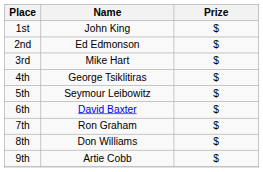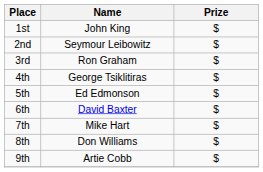 <table class="wikitable">
 <tr>
 <th width="50">Place</th>
 <th width="200">Name</th>
 <th width="125">Prize</th>
 </tr>
 <tr>
 <td align = "center">1st</td>
 <td align = "center">John King</td>
 <td align = "center">$</td>
 </tr>
 <tr>
 <td align = "center">2nd</td>
-<td align = "center">Ed Edmonson</td>
+<td align = "center">Seymour Leibowitz</td>
 <td align = "center">$</td>
 </tr>
 <tr>
 <td align = "center">3rd</td>
-<td align = "center">Mike Hart</td>
+<td align = "center">Ron Graham</td>
 <td align = "center">$</td>
 </tr>
 <tr>
 <td align = "center">4th</td>
 <td align = "center">George Tsiklitiras</td>
 <td align = "center">$</td>
 </tr>
 <tr>
 <td align = "center">5th</td>
-<td align = "center">Seymour Leibowitz</td>
+<td align = "center">Ed Edmonson</td>
 <td align = "center">$</td>
 </tr>
 <tr>
 <td align = "center">6th</td>
 <td align = "center"><a href='#'>David Baxter</a></td>
 <td align = "center">$</td>
 </tr>
 <tr>
 <td align = "center">7th</td>
-<td align = "center">Ron Graham</td>
+<td align = "center">Mike Hart</td>
 <td align = "center">$</td>
 </tr>
 <tr>
 <td align = "center">8th</td>
 <td align = "center">Don Williams</td>
 <td align = "center">$</td>
 </tr>
 <tr>
 <td align = "center">9th</td>
 <td align = "center">Artie Cobb</td>
 <td align = "center">$</td>
 </tr>
 <tr>
 </tr>
 </table>
